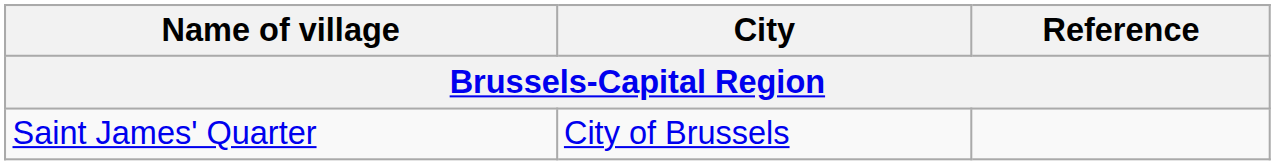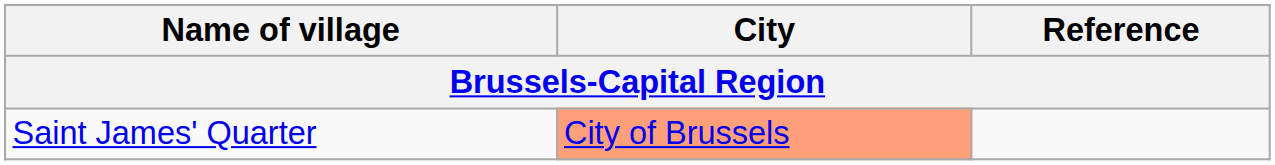 <table class="wikitable" style="width: 100%">
 <tr>
 <th>Name of village</th>
 <th>City</th>
 <th>Reference</th>
 </tr>
 <tr>
 <th colspan="3"><a href='#'>Brussels-Capital Region</a></th>
 </tr>
 <tr>
 <td><a href='#'>Saint James' Quarter</a></td>
-<td><a href='#'>City of Brussels</a></td>
+<td style="background: lightsalmon;"><a href='#'>City of Brussels</a></td>
 <td></td>
 </tr>
 </table>
